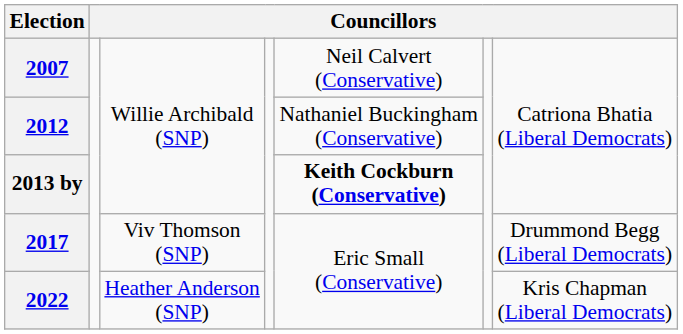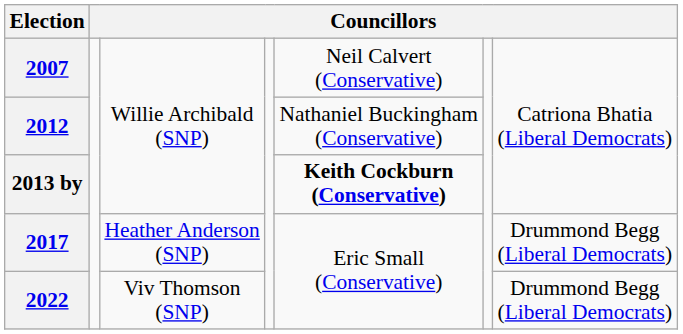 <table class="wikitable" style="text-align:center">
 <tr>
 <th>Election</th>
 <th colspan=8>Councillors</th>
 </tr>
 <tr>
 <th><a href='#'>2007</a></th>
 <td rowspan=5; style="background-color: "></td>
 <td rowspan=3>Willie Archibald<br>(<a href='#'>SNP</a>)</td>
 <td rowspan=5; style="background-color: "></td>
 <td rowspan=1>Neil Calvert<br>(<a href='#'>Conservative</a>)</td>
 <td rowspan=5; style="background-color: "></td>
 <td rowspan=3>Catriona Bhatia<br>(<a href='#'>Liberal Democrats</a>)</td>
 </tr>
 <tr>
 <th><a href='#'>2012</a></th>
 <td rowspan=1>Nathaniel Buckingham<br>(<a href='#'>Conservative</a>)</td>
 </tr>
 <tr>
 <th>2013 by</th>
 <td rowspan=1><strong>Keith Cockburn<br>(<a href='#'>Conservative</a>)</strong></td>
 </tr>
 <tr>
 <th><a href='#'>2017</a></th>
-<td rowspan=1>Viv Thomson<br>(<a href='#'>SNP</a>)</td>
+<td rowspan=1><a href='#'>Heather Anderson</a><br>(<a href='#'>SNP</a>)</td>
 <td rowspan=2>Eric Small<br>(<a href='#'>Conservative</a>)</td>
 <td rowspan=1>Drummond Begg<br>(<a href='#'>Liberal Democrats</a>)</td>
 </tr>
 <tr>
 <th><a href='#'>2022</a></th>
-<td rowspan=1><a href='#'>Heather Anderson</a><br>(<a href='#'>SNP</a>)</td>
-<td rowspan=1>Kris Chapman<br>(<a href='#'>Liberal Democrats</a>)</td>
+<td rowspan=1>Viv Thomson<br>(<a href='#'>SNP</a>)</td>
+<td rowspan=1>Drummond Begg<br>(<a href='#'>Liberal Democrats</a>)</td>
 </tr>
 </table>
